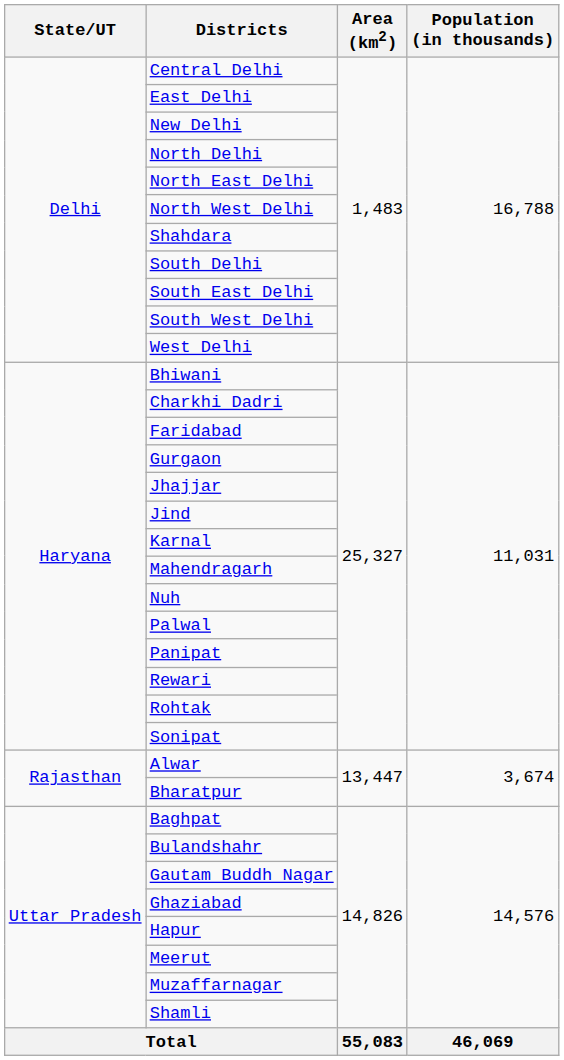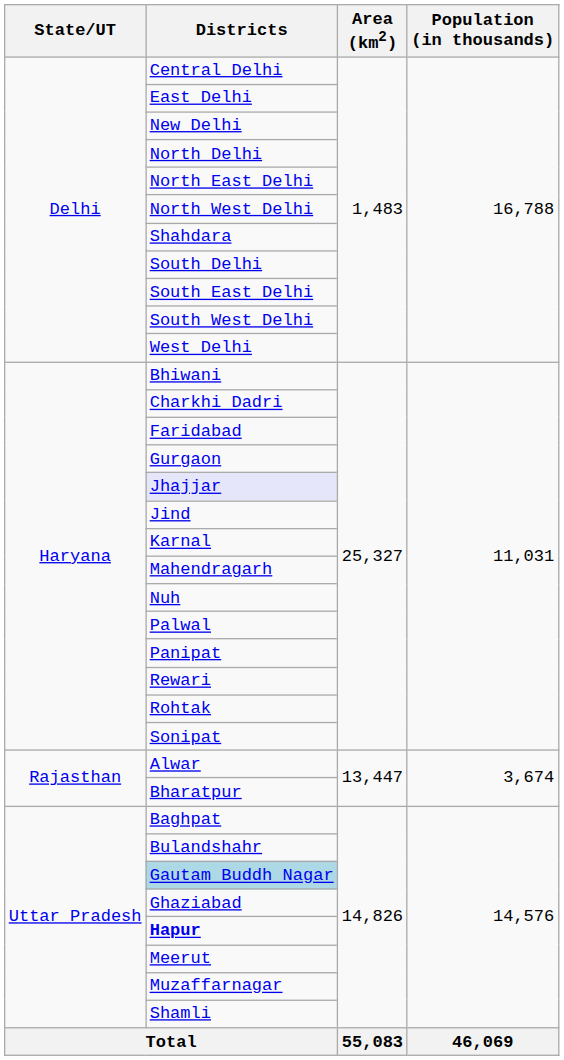 <table class="sortable wikitable">
 <tr>
 <th>State/UT</th>
 <th>Districts</th>
 <th>Area<br>(km<sup>2</sup>)</th>
 <th>Population<br>(in thousands)</th>
 </tr>
 <tr>
 <td rowspan=11 style="text-align:center;"><a href='#'>Delhi</a></td>
 <td><a href='#'>Central Delhi</a></td>
 <td rowspan=11 style="text-align:right;">1,483</td>
 <td rowspan=11 style="text-align:right;">16,788</td>
 </tr>
 <tr>
 <td><a href='#'>East Delhi</a></td>
 </tr>
 <tr>
 <td><a href='#'>New Delhi</a></td>
 </tr>
 <tr>
 <td><a href='#'>North Delhi</a></td>
 </tr>
 <tr>
 <td><a href='#'>North East Delhi</a></td>
 </tr>
 <tr>
 <td><a href='#'>North West Delhi</a></td>
 </tr>
 <tr>
 <td><a href='#'>Shahdara</a></td>
 </tr>
 <tr>
 <td><a href='#'>South Delhi</a></td>
 </tr>
 <tr>
 <td><a href='#'>South East Delhi</a></td>
 </tr>
 <tr>
 <td><a href='#'>South West Delhi</a></td>
 </tr>
 <tr>
 <td><a href='#'>West Delhi</a></td>
 </tr>
 <tr>
 <td rowspan=14 style="text-align:center;"><a href='#'>Haryana</a></td>
 <td><a href='#'>Bhiwani</a></td>
 <td rowspan=14 style="text-align:right;">25,327</td>
 <td rowspan=14 style="text-align:right;">11,031</td>
 </tr>
 <tr>
 <td><a href='#'>Charkhi Dadri</a></td>
 </tr>
 <tr>
 <td><a href='#'>Faridabad</a></td>
 </tr>
 <tr>
 <td><a href='#'>Gurgaon</a></td>
 </tr>
 <tr>
-<td><a href='#'>Jhajjar</a></td>
+<td style="background: lavender;"><a href='#'>Jhajjar</a></td>
 </tr>
 <tr>
 <td><a href='#'>Jind</a></td>
 </tr>
 <tr>
 <td><a href='#'>Karnal</a></td>
 </tr>
 <tr>
 <td><a href='#'>Mahendragarh</a></td>
 </tr>
 <tr>
 <td><a href='#'>Nuh</a></td>
 </tr>
 <tr>
 <td><a href='#'>Palwal</a></td>
 </tr>
 <tr>
 <td><a href='#'>Panipat</a></td>
 </tr>
 <tr>
 <td><a href='#'>Rewari</a></td>
 </tr>
 <tr>
 <td><a href='#'>Rohtak</a></td>
 </tr>
 <tr>
 <td><a href='#'>Sonipat</a></td>
 </tr>
 <tr>
 <td rowspan=2 style="text-align:center;"><a href='#'>Rajasthan</a></td>
 <td><a href='#'>Alwar</a></td>
 <td rowspan=2 style="text-align:right;">13,447</td>
 <td rowspan=2 style="text-align:right;">3,674</td>
 </tr>
 <tr>
 <td><a href='#'>Bharatpur</a></td>
 </tr>
 <tr>
 <td rowspan=8 style="text-align:center;"><a href='#'>Uttar Pradesh</a></td>
 <td><a href='#'>Baghpat</a></td>
 <td rowspan=8 style="text-align:right;">14,826</td>
 <td rowspan=8 style="text-align:right;">14,576</td>
 </tr>
 <tr>
 <td><a href='#'>Bulandshahr</a></td>
 </tr>
 <tr>
-<td><a href='#'>Gautam Buddh Nagar</a></td>
+<td style="background: lightblue;"><a href='#'>Gautam Buddh Nagar</a></td>
 </tr>
 <tr>
 <td><a href='#'>Ghaziabad</a></td>
 </tr>
 <tr>
-<td><a href='#'>Hapur</a></td>
+<td><strong><a href='#'>Hapur</a></strong></td>
 </tr>
 <tr>
 <td><a href='#'>Meerut</a></td>
 </tr>
 <tr>
 <td><a href='#'>Muzaffarnagar</a></td>
 </tr>
 <tr>
 <td><a href='#'>Shamli</a></td>
 </tr>
 <tr>
 <th colspan=2>Total</th>
 <th>55,083</th>
 <th>46,069</th>
 </tr>
 </table>
